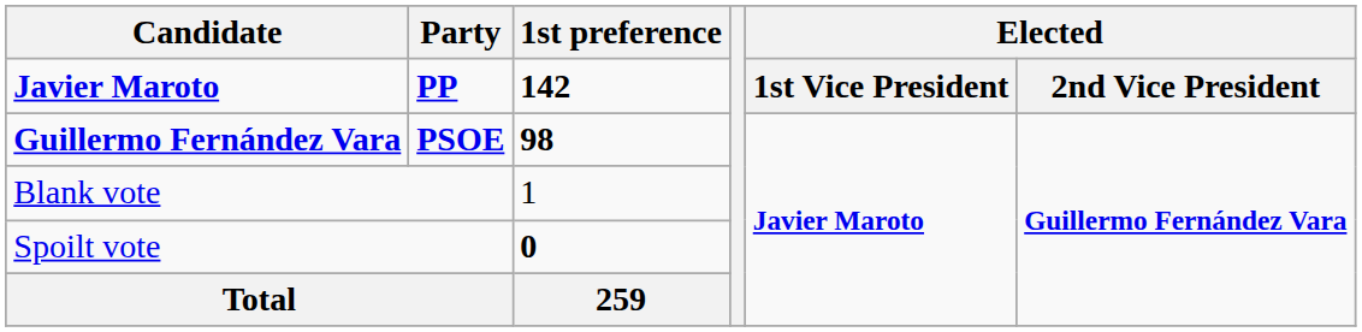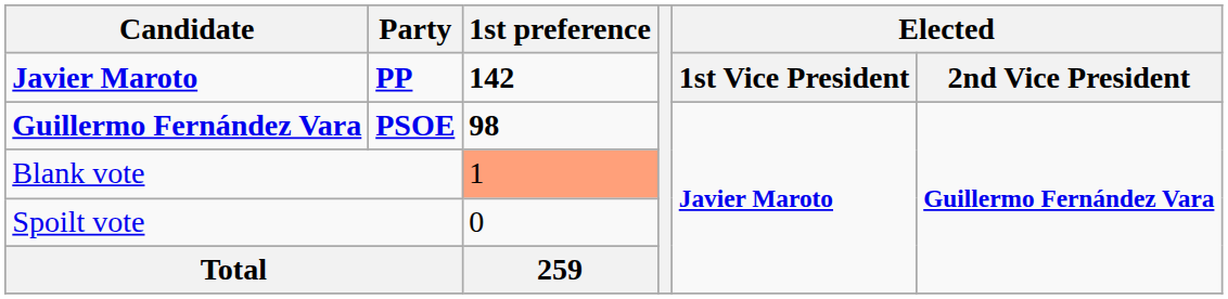 <table class="wikitable">
 <tr>
 <th>Candidate</th>
 <th>Party</th>
 <th>1st preference</th>
 <th rowspan="10"></th>
 <th colspan="2">Elected</th>
 </tr>
 <tr>
 <td><strong><a href='#'>Javier Maroto</a></strong></td>
 <td><a href='#'><strong>PP</strong></a></td>
 <td><strong>142</strong></td>
 <th>1st Vice President</th>
 <th>2nd Vice President</th>
 </tr>
 <tr>
 <td><strong><a href='#'>Guillermo Fernández Vara</a></strong></td>
 <td><a href='#'><strong>PSOE</strong></a></td>
 <td><strong>98</strong></td>
 <td rowspan="9"><small><strong><a href='#'>Javier Maroto</a></strong></small></td>
 <td rowspan="9"><small><strong><a href='#'>Guillermo Fernández Vara</a></strong></small></td>
 </tr>
 <tr>
 <td colspan="2"><a href='#'>Blank vote</a></td>
-<td>1</td>
+<td style="background: lightsalmon;">1</td>
 </tr>
 <tr>
 <td colspan="2"><a href='#'>Spoilt vote</a></td>
-<td><strong>0</strong></td>
+<td>0</td>
 </tr>
 <tr>
 <th colspan="2">Total</th>
 <th>259</th>
 </tr>
 </table>
